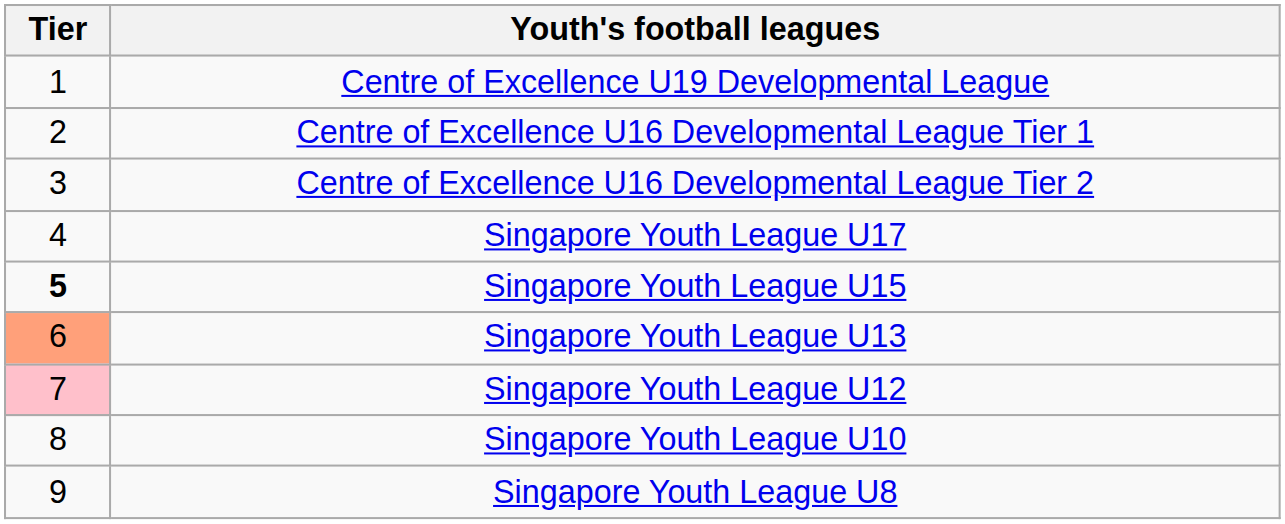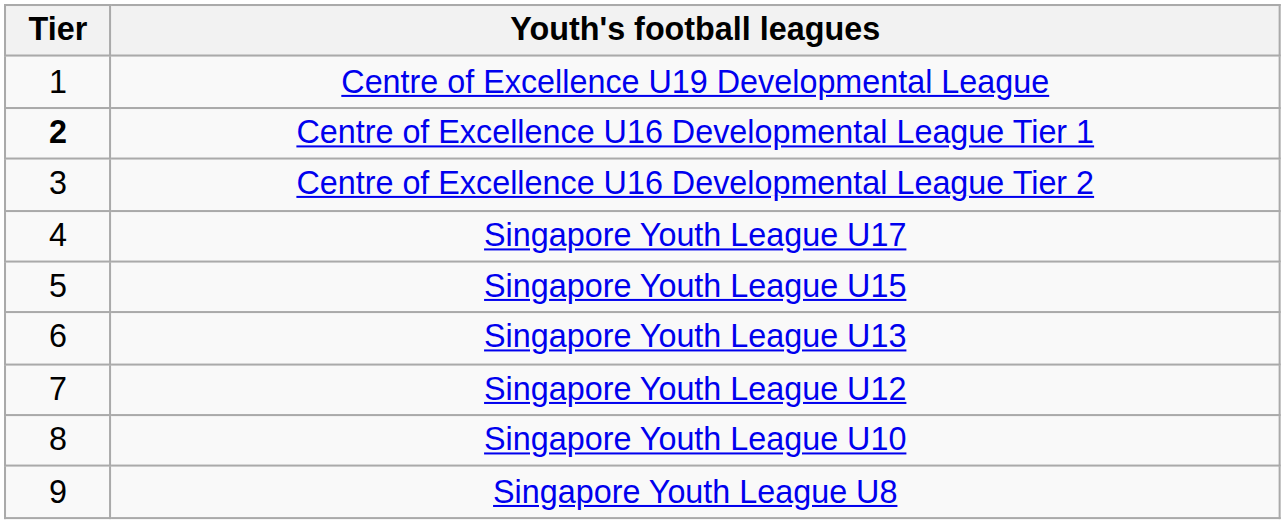 <table class="wikitable" width="50%" style="text-align: center;">
 <tr style="background:#efefef;">
 <th>Tier</th>
 <th colspan=2>Youth's football leagues</th>
 </tr>
 <tr>
 <td>1</td>
 <td colspan=2><a href='#'>Centre of Excellence U19 Developmental League</a></td>
 </tr>
 <tr>
-<td>2</td>
+<td><strong>2</strong></td>
 <td colspan=2><a href='#'>Centre of Excellence U16 Developmental League Tier 1</a></td>
 </tr>
 <tr>
 <td>3</td>
 <td colspan=2><a href='#'>Centre of Excellence U16 Developmental League Tier 2</a></td>
 </tr>
 <tr>
 <td>4</td>
 <td colspan=2><a href='#'>Singapore Youth League U17</a></td>
 </tr>
 <tr>
-<td><strong>5</strong></td>
+<td>5</td>
 <td colspan=2><a href='#'>Singapore Youth League U15</a></td>
 </tr>
 <tr>
-<td style="background: lightsalmon;">6</td>
+<td>6</td>
 <td colspan=2><a href='#'>Singapore Youth League U13</a></td>
 </tr>
 <tr>
-<td style="background: pink;">7</td>
+<td>7</td>
 <td colspan=2><a href='#'>Singapore Youth League U12</a></td>
 </tr>
 <tr>
 <td>8</td>
 <td colspan=2><a href='#'>Singapore Youth League U10</a></td>
 </tr>
 <tr>
 <td>9</td>
 <td colspan=2><a href='#'>Singapore Youth League U8</a></td>
 </tr>
 </table>
